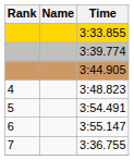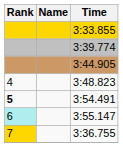 <table class="wikitable">
 <tr>
 <th>Rank</th>
 <th>Name</th>
 <th>Time</th>
 </tr>
 <tr style="background:gold;">
 <td></td>
 <td></td>
 <td>3:33.855</td>
 </tr>
 <tr style="background:silver;">
 <td></td>
 <td></td>
 <td>3:39.774</td>
 </tr>
 <tr style="background:#cc9966;">
 <td></td>
 <td></td>
 <td>3:44.905</td>
 </tr>
 <tr>
 <td>4</td>
 <td></td>
 <td>3:48.823</td>
 </tr>
 <tr>
-<td>5</td>
+<td><strong>5</strong></td>
 <td></td>
 <td>3:54.491</td>
 </tr>
 <tr>
-<td>6</td>
+<td style="background: paleturquoise;">6</td>
 <td></td>
 <td>3:55.147</td>
 </tr>
 <tr>
-<td>7</td>
+<td style="background: gold;">7</td>
 <td></td>
 <td>3:36.755</td>
 </tr>
 <tr>
 </tr>
 </table>
